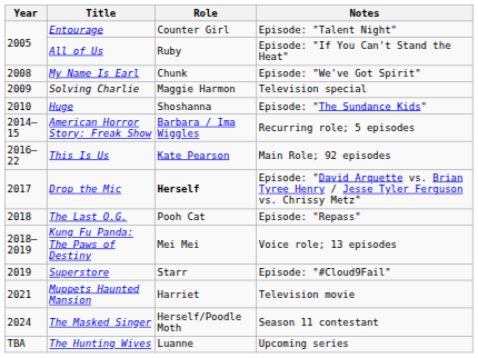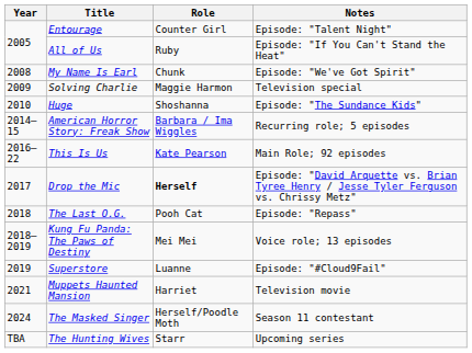 <table class="wikitable sortable">
 <tr>
 <th>Year</th>
 <th>Title</th>
 <th>Role</th>
 <th>Notes</th>
 </tr>
 <tr>
 <td rowspan="2">2005</td>
 <td><em><a href='#'>Entourage</a></em></td>
 <td>Counter Girl</td>
 <td>Episode: "Talent Night"</td>
 </tr>
 <tr>
 <td><em><a href='#'>All of Us</a></em></td>
 <td>Ruby</td>
 <td>Episode: "If You Can't Stand the Heat"</td>
 </tr>
 <tr>
 <td>2008</td>
 <td><em><a href='#'>My Name Is Earl</a></em></td>
 <td>Chunk</td>
 <td>Episode: "We've Got Spirit"</td>
 </tr>
 <tr>
 <td>2009</td>
 <td><em>Solving Charlie</em></td>
 <td>Maggie Harmon</td>
 <td>Television special</td>
 </tr>
 <tr>
 <td>2010</td>
 <td><em><a href='#'>Huge</a></em></td>
 <td>Shoshanna</td>
 <td>Episode: "<a href='#'>The Sundance Kids</a>"</td>
 </tr>
 <tr>
 <td>2014–15</td>
 <td><em><a href='#'>American Horror Story: Freak Show</a></em></td>
 <td><a href='#'>Barbara / Ima Wiggles</a></td>
 <td>Recurring role; 5 episodes</td>
 </tr>
 <tr>
 <td>2016–22</td>
 <td><em><a href='#'>This Is Us</a></em></td>
 <td><a href='#'>Kate Pearson</a></td>
 <td>Main Role; 92 episodes</td>
 </tr>
 <tr>
 <td>2017</td>
 <td><em><a href='#'>Drop the Mic</a></em></td>
 <td><strong>Herself</strong></td>
 <td>Episode: "<a href='#'>David Arquette</a> vs. <a href='#'>Brian Tyree Henry</a> / <a href='#'>Jesse Tyler Ferguson</a> vs. Chrissy Metz"</td>
 </tr>
 <tr>
 <td>2018</td>
 <td><em><a href='#'>The Last O.G.</a></em></td>
 <td>Pooh Cat</td>
 <td>Episode: "Repass"</td>
 </tr>
 <tr>
 <td>2018–2019</td>
 <td><em><a href='#'>Kung Fu Panda: The Paws of Destiny</a></em></td>
 <td>Mei Mei</td>
 <td>Voice role; 13 episodes</td>
 </tr>
 <tr>
 <td>2019</td>
 <td><em><a href='#'>Superstore</a></em></td>
-<td>Starr</td>
+<td>Luanne</td>
 <td>Episode: "#Cloud9Fail"</td>
 </tr>
 <tr>
 <td>2021</td>
 <td><em><a href='#'>Muppets Haunted Mansion</a></em></td>
 <td>Harriet</td>
 <td>Television movie</td>
 </tr>
 <tr>
 <td>2024</td>
 <td><em><a href='#'>The Masked Singer</a></em></td>
 <td>Herself/Poodle Moth</td>
 <td>Season 11 contestant</td>
 </tr>
 <tr>
 <td>TBA</td>
 <td><em><a href='#'>The Hunting Wives</a></em></td>
-<td>Luanne</td>
+<td>Starr</td>
 <td>Upcoming series</td>
 </tr>
 </table>
